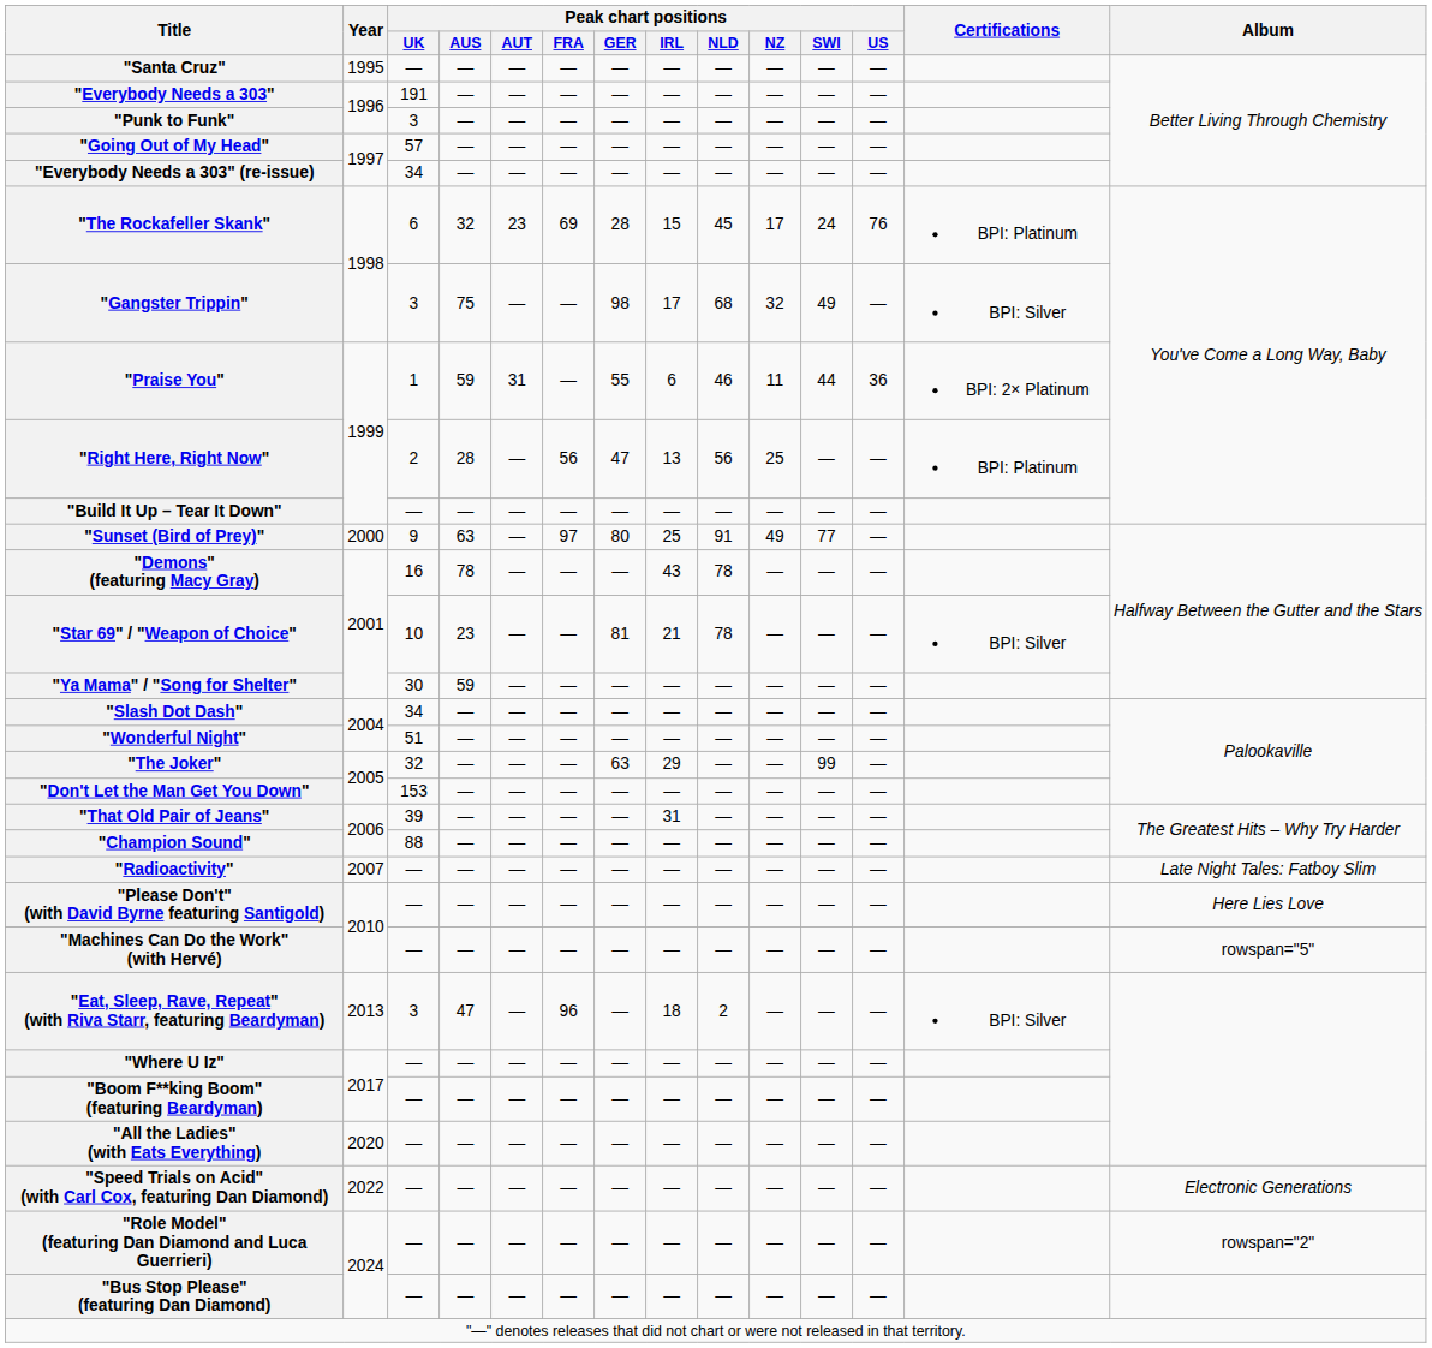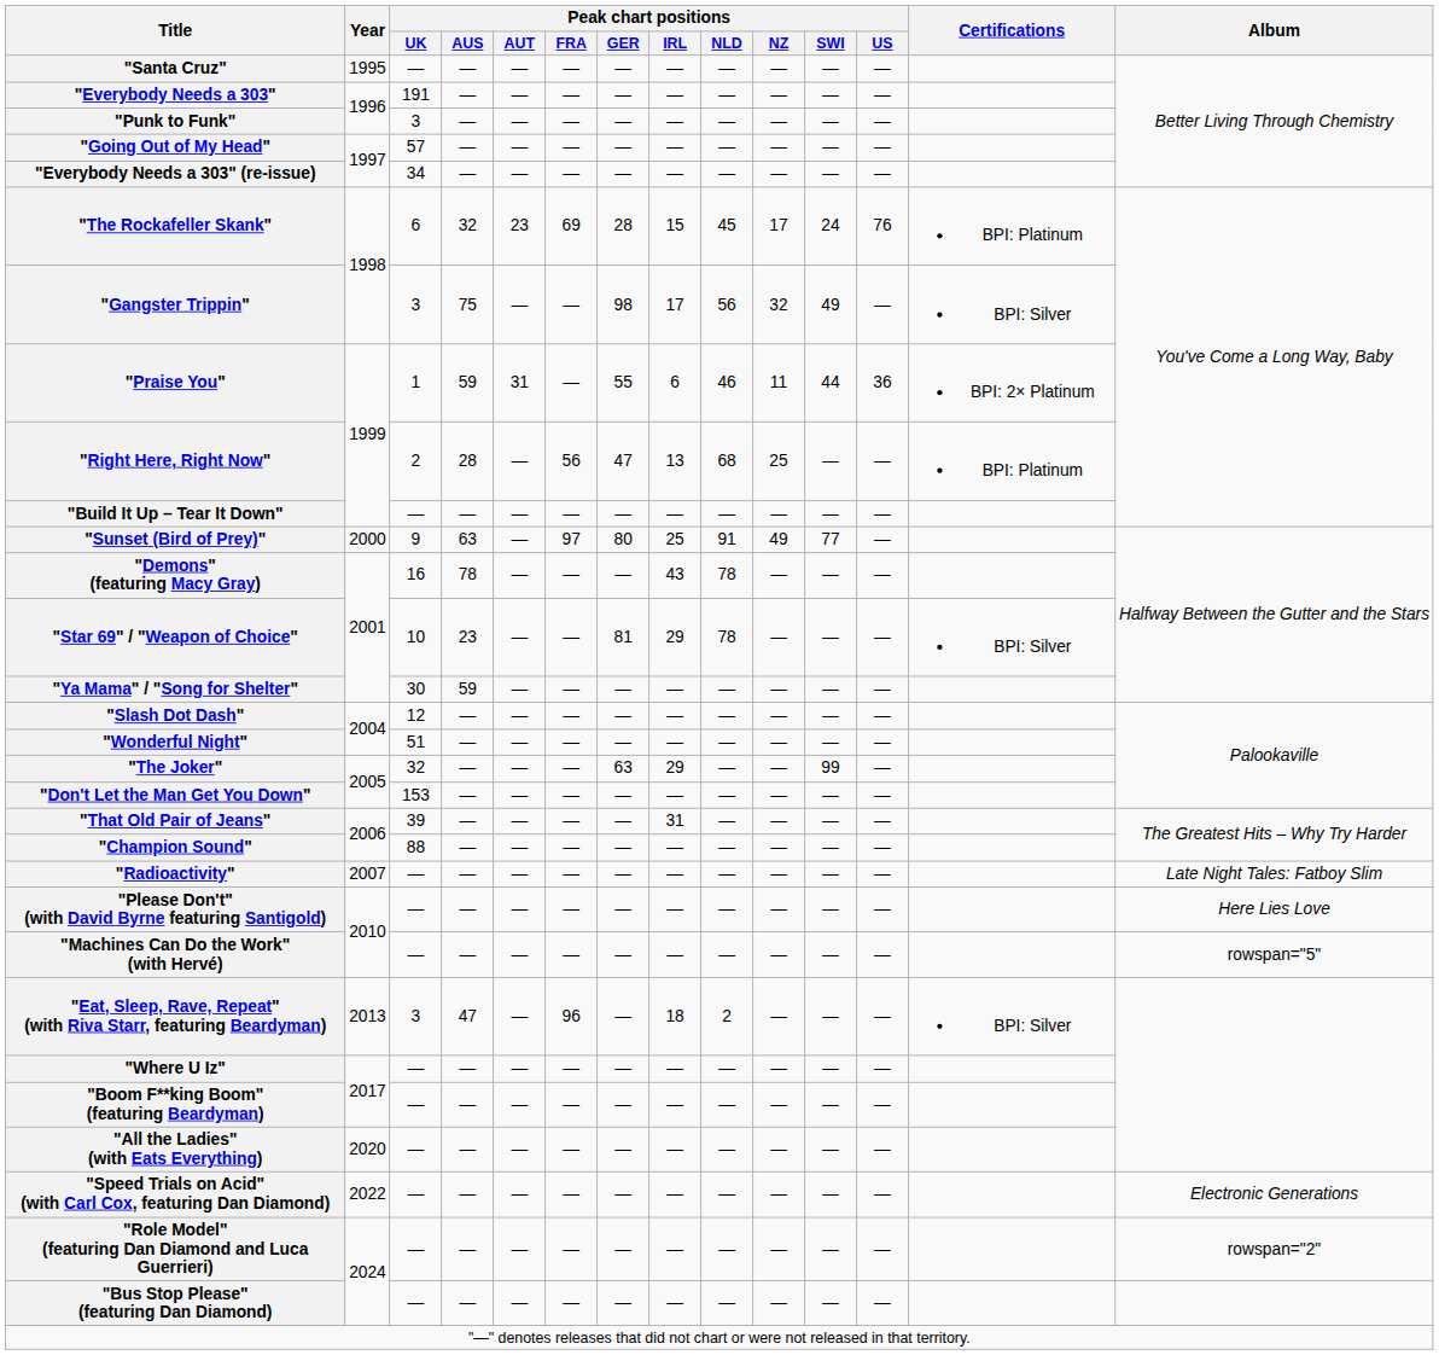 <table class="wikitable plainrowheaders" style="text-align:center;">
 <tr>
 <th scope="col" rowspan="2" style="width:20em;">Title</th>
 <th scope="col" rowspan="2">Year</th>
 <th scope="col" colspan="10">Peak chart positions</th>
 <th scope="col" rowspan="2" style="width:12em;"><a href='#'>Certifications</a></th>
 <th scope="col" rowspan="2">Album</th>
 </tr>
 <tr>
 <th scope="col" style="width:3em;font-size:90%;"><a href='#'>UK</a><br></th>
 <th scope="col" style="width:3em;font-size:90%;"><a href='#'>AUS</a><br></th>
 <th scope="col" style="width:3em;font-size:90%;"><a href='#'>AUT</a><br></th>
 <th scope="col" style="width:3em;font-size:90%;"><a href='#'>FRA</a><br></th>
 <th scope="col" style="width:3em;font-size:90%;"><a href='#'>GER</a><br></th>
 <th scope="col" style="width:3em;font-size:90%;"><a href='#'>IRL</a><br></th>
 <th scope="col" style="width:3em;font-size:90%;"><a href='#'>NLD</a><br></th>
 <th scope="col" style="width:3em;font-size:90%;"><a href='#'>NZ</a><br></th>
 <th scope="col" style="width:3em;font-size:90%;"><a href='#'>SWI</a><br></th>
 <th scope="col" style="width:3em;font-size:90%;"><a href='#'>US</a><br></th>
 </tr>
 <tr>
 <th scope="row">"Santa Cruz"</th>
 <td rowspan="1">1995</td>
 <td>—</td>
 <td>—</td>
 <td>—</td>
 <td>—</td>
 <td>—</td>
 <td>—</td>
 <td>—</td>
 <td>—</td>
 <td>—</td>
 <td>—</td>
 <td></td>
 <td rowspan="5"><em>Better Living Through Chemistry</em></td>
 </tr>
 <tr>
 <th scope="row">"<a href='#'>Everybody Needs a 303</a>"</th>
 <td rowspan="2">1996</td>
 <td>191</td>
 <td>—</td>
 <td>—</td>
 <td>—</td>
 <td>—</td>
 <td>—</td>
 <td>—</td>
 <td>—</td>
 <td>—</td>
 <td>—</td>
 <td></td>
 </tr>
 <tr>
 <th scope="row">"Punk to Funk"</th>
 <td>3</td>
 <td>—</td>
 <td>—</td>
 <td>—</td>
 <td>—</td>
 <td>—</td>
 <td>—</td>
 <td>—</td>
 <td>—</td>
 <td>—</td>
 <td></td>
 </tr>
 <tr>
 <th scope="row">"<a href='#'>Going Out of My Head</a>"</th>
 <td rowspan="2">1997</td>
 <td>57</td>
 <td>—</td>
 <td>—</td>
 <td>—</td>
 <td>—</td>
 <td>—</td>
 <td>—</td>
 <td>—</td>
 <td>—</td>
 <td>—</td>
 <td></td>
 </tr>
 <tr>
 <th scope="row">"Everybody Needs a 303" (re-issue)</th>
 <td>34</td>
 <td>—</td>
 <td>—</td>
 <td>—</td>
 <td>—</td>
 <td>—</td>
 <td>—</td>
 <td>—</td>
 <td>—</td>
 <td>—</td>
 <td></td>
 </tr>
 <tr>
 <th scope="row">"<a href='#'>The Rockafeller Skank</a>"</th>
 <td rowspan="2">1998</td>
 <td>6</td>
 <td>32</td>
 <td>23</td>
 <td>69</td>
 <td>28</td>
 <td>15</td>
 <td>45</td>
 <td>17</td>
 <td>24</td>
 <td>76</td>
 <td><br><ul><li>BPI: Platinum</li></ul></td>
 <td rowspan="5"><em>You've Come a Long Way, Baby</em></td>
 </tr>
 <tr>
 <th scope="row">"<a href='#'>Gangster Trippin</a>"</th>
 <td>3</td>
 <td>75</td>
 <td>—</td>
 <td>—</td>
 <td>98</td>
 <td>17</td>
-<td>68</td>
+<td>56</td>
 <td>32</td>
 <td>49</td>
 <td>—</td>
 <td><br><ul><li>BPI: Silver</li></ul></td>
 </tr>
 <tr>
 <th scope="row">"<a href='#'>Praise You</a>"</th>
 <td rowspan="3">1999</td>
 <td>1</td>
 <td>59</td>
 <td>31</td>
 <td>—</td>
 <td>55</td>
 <td>6</td>
 <td>46</td>
 <td>11</td>
 <td>44</td>
 <td>36</td>
 <td><br><ul><li>BPI: 2× Platinum</li></ul></td>
 </tr>
 <tr>
 <th scope="row">"<a href='#'>Right Here, Right Now</a>"</th>
 <td>2</td>
 <td>28</td>
 <td>—</td>
 <td>56</td>
 <td>47</td>
 <td>13</td>
-<td>56</td>
+<td>68</td>
 <td>25</td>
 <td>—</td>
 <td>—</td>
 <td><br><ul><li>BPI: Platinum</li></ul></td>
 </tr>
 <tr>
 <th scope="row">"Build It Up – Tear It Down"</th>
 <td>—</td>
 <td>—</td>
 <td>—</td>
 <td>—</td>
 <td>—</td>
 <td>—</td>
 <td>—</td>
 <td>—</td>
 <td>—</td>
 <td>—</td>
 <td></td>
 </tr>
 <tr>
 <th scope="row">"<a href='#'>Sunset (Bird of Prey)</a>"</th>
 <td>2000</td>
 <td>9</td>
 <td>63</td>
 <td>—</td>
 <td>97</td>
 <td>80</td>
 <td>25</td>
 <td>91</td>
 <td>49</td>
 <td>77</td>
 <td>—</td>
 <td></td>
 <td rowspan="4"><em>Halfway Between the Gutter and the Stars</em></td>
 </tr>
 <tr>
 <th scope="row">"<a href='#'>Demons</a>"<br><span>(featuring <a href='#'>Macy Gray</a>)</span></th>
 <td rowspan="3">2001</td>
 <td>16</td>
 <td>78</td>
 <td>—</td>
 <td>—</td>
 <td>—</td>
 <td>43</td>
 <td>78</td>
 <td>—</td>
 <td>—</td>
 <td>—</td>
 </tr>
 <tr>
 <th scope="row">"<a href='#'>Star 69</a>" / "<a href='#'>Weapon of Choice</a>"</th>
 <td>10</td>
 <td>23</td>
 <td>—</td>
 <td>—</td>
 <td>81</td>
-<td>21</td>
+<td>29</td>
 <td>78</td>
 <td>—</td>
 <td>—</td>
 <td>—</td>
 <td><br><ul><li>BPI: Silver</li></ul></td>
 </tr>
 <tr>
 <th scope="row">"<a href='#'>Ya Mama</a>" / "<a href='#'>Song for Shelter</a>"</th>
 <td>30</td>
 <td>59</td>
 <td>—</td>
 <td>—</td>
 <td>—</td>
 <td>—</td>
 <td>—</td>
 <td>—</td>
 <td>—</td>
 <td>—</td>
 <td></td>
 </tr>
 <tr>
 <th scope="row">"<a href='#'>Slash Dot Dash</a>"</th>
 <td rowspan="2">2004</td>
-<td>34</td>
+<td>12</td>
 <td>—</td>
 <td>—</td>
 <td>—</td>
 <td>—</td>
 <td>—</td>
 <td>—</td>
 <td>—</td>
 <td>—</td>
 <td>—</td>
 <td></td>
 <td rowspan="4"><em>Palookaville</em></td>
 </tr>
 <tr>
 <th scope="row">"<a href='#'>Wonderful Night</a>"</th>
 <td>51</td>
 <td>—</td>
 <td>—</td>
 <td>—</td>
 <td>—</td>
 <td>—</td>
 <td>—</td>
 <td>—</td>
 <td>—</td>
 <td>—</td>
 <td></td>
 </tr>
 <tr>
 <th scope="row">"<a href='#'>The Joker</a>"</th>
 <td rowspan="2">2005</td>
 <td>32</td>
 <td>—</td>
 <td>—</td>
 <td>—</td>
 <td>63</td>
 <td>29</td>
 <td>—</td>
 <td>—</td>
 <td>99</td>
 <td>—</td>
 <td></td>
 </tr>
 <tr>
 <th scope="row">"<a href='#'>Don't Let the Man Get You Down</a>"</th>
 <td>153</td>
 <td>—</td>
 <td>—</td>
 <td>—</td>
 <td>—</td>
 <td>—</td>
 <td>—</td>
 <td>—</td>
 <td>—</td>
 <td>—</td>
 <td></td>
 </tr>
 <tr>
 <th scope="row">"<a href='#'>That Old Pair of Jeans</a>"</th>
 <td rowspan="2">2006</td>
 <td>39</td>
 <td>—</td>
 <td>—</td>
 <td>—</td>
 <td>—</td>
 <td>31</td>
 <td>—</td>
 <td>—</td>
 <td>—</td>
 <td>—</td>
 <td></td>
 <td rowspan="2"><em>The Greatest Hits – Why Try Harder</em></td>
 </tr>
 <tr>
 <th scope="row">"<a href='#'>Champion Sound</a>"</th>
 <td>88</td>
 <td>—</td>
 <td>—</td>
 <td>—</td>
 <td>—</td>
 <td>—</td>
 <td>—</td>
 <td>—</td>
 <td>—</td>
 <td>—</td>
 <td></td>
 </tr>
 <tr>
 <th scope="row">"<a href='#'>Radioactivity</a>"</th>
 <td>2007</td>
 <td>—</td>
 <td>—</td>
 <td>—</td>
 <td>—</td>
 <td>—</td>
 <td>—</td>
 <td>—</td>
 <td>—</td>
 <td>—</td>
 <td>—</td>
 <td></td>
 <td><em>Late Night Tales: Fatboy Slim</em></td>
 </tr>
 <tr>
 <th scope="row">"Please Don't"<br><span>(with <a href='#'>David Byrne</a> featuring <a href='#'>Santigold</a>)</span></th>
 <td rowspan="2">2010</td>
 <td>—</td>
 <td>—</td>
 <td>—</td>
 <td>—</td>
 <td>—</td>
 <td>—</td>
 <td>—</td>
 <td>—</td>
 <td>—</td>
 <td>—</td>
 <td></td>
 <td><em>Here Lies Love</em></td>
 </tr>
 <tr>
 <th scope="row">"Machines Can Do the Work"<br><span>(with Hervé)</span></th>
 <td>—</td>
 <td>—</td>
 <td>—</td>
 <td>—</td>
 <td>—</td>
 <td>—</td>
 <td>—</td>
 <td>—</td>
 <td>—</td>
 <td>—</td>
 <td></td>
 <td>rowspan="5" </td>
 </tr>
 <tr>
 <th scope="row">"<a href='#'>Eat, Sleep, Rave, Repeat</a>"<br><span>(with <a href='#'>Riva Starr</a>, featuring <a href='#'>Beardyman</a>)</span></th>
 <td>2013</td>
 <td>3</td>
 <td>47</td>
 <td>—</td>
 <td>96</td>
 <td>—</td>
 <td>18</td>
 <td>2</td>
 <td>—</td>
 <td>—</td>
 <td>—</td>
 <td><br><ul><li>BPI: Silver</li></ul></td>
 </tr>
 <tr>
 <th scope="row">"Where U Iz"</th>
 <td rowspan="2">2017</td>
 <td>—</td>
 <td>—</td>
 <td>—</td>
 <td>—</td>
 <td>—</td>
 <td>—</td>
 <td>—</td>
 <td>—</td>
 <td>—</td>
 <td>—</td>
 <td></td>
 </tr>
 <tr>
 <th scope="row">"Boom F**king Boom"<br><span>(featuring <a href='#'>Beardyman</a>)</span></th>
 <td>—</td>
 <td>—</td>
 <td>—</td>
 <td>—</td>
 <td>—</td>
 <td>—</td>
 <td>—</td>
 <td>—</td>
 <td>—</td>
 <td>—</td>
 <td></td>
 </tr>
 <tr>
 <th scope="row">"All the Ladies" <br><span>(with <a href='#'>Eats Everything</a>)</span></th>
 <td>2020</td>
 <td>—</td>
 <td>—</td>
 <td>—</td>
 <td>—</td>
 <td>—</td>
 <td>—</td>
 <td>—</td>
 <td>—</td>
 <td>—</td>
 <td>—</td>
 <td></td>
 </tr>
 <tr>
 <th scope="row">"Speed Trials on Acid" <br><span>(with <a href='#'>Carl Cox</a>, featuring Dan Diamond)</span></th>
 <td>2022</td>
 <td>—</td>
 <td>—</td>
 <td>—</td>
 <td>—</td>
 <td>—</td>
 <td>—</td>
 <td>—</td>
 <td>—</td>
 <td>—</td>
 <td>—</td>
 <td></td>
 <td><em>Electronic Generations</em></td>
 </tr>
 <tr>
 <th scope="row">"Role Model" <br><span>(featuring Dan Diamond and Luca Guerrieri)</span></th>
 <td rowspan="2">2024</td>
 <td>—</td>
 <td>—</td>
 <td>—</td>
 <td>—</td>
 <td>—</td>
 <td>—</td>
 <td>—</td>
 <td>—</td>
 <td>—</td>
 <td>—</td>
 <td></td>
 <td>rowspan="2" </td>
 </tr>
 <tr>
 <th scope="row">"Bus Stop Please"<br><span>(featuring Dan Diamond)</span></th>
 <td>—</td>
 <td>—</td>
 <td>—</td>
 <td>—</td>
 <td>—</td>
 <td>—</td>
 <td>—</td>
 <td>—</td>
 <td>—</td>
 <td>—</td>
 <td></td>
 </tr>
 <tr>
 <td colspan="14" style="font-size:90%">"—" denotes releases that did not chart or were not released in that territory.</td>
 </tr>
 </table>
